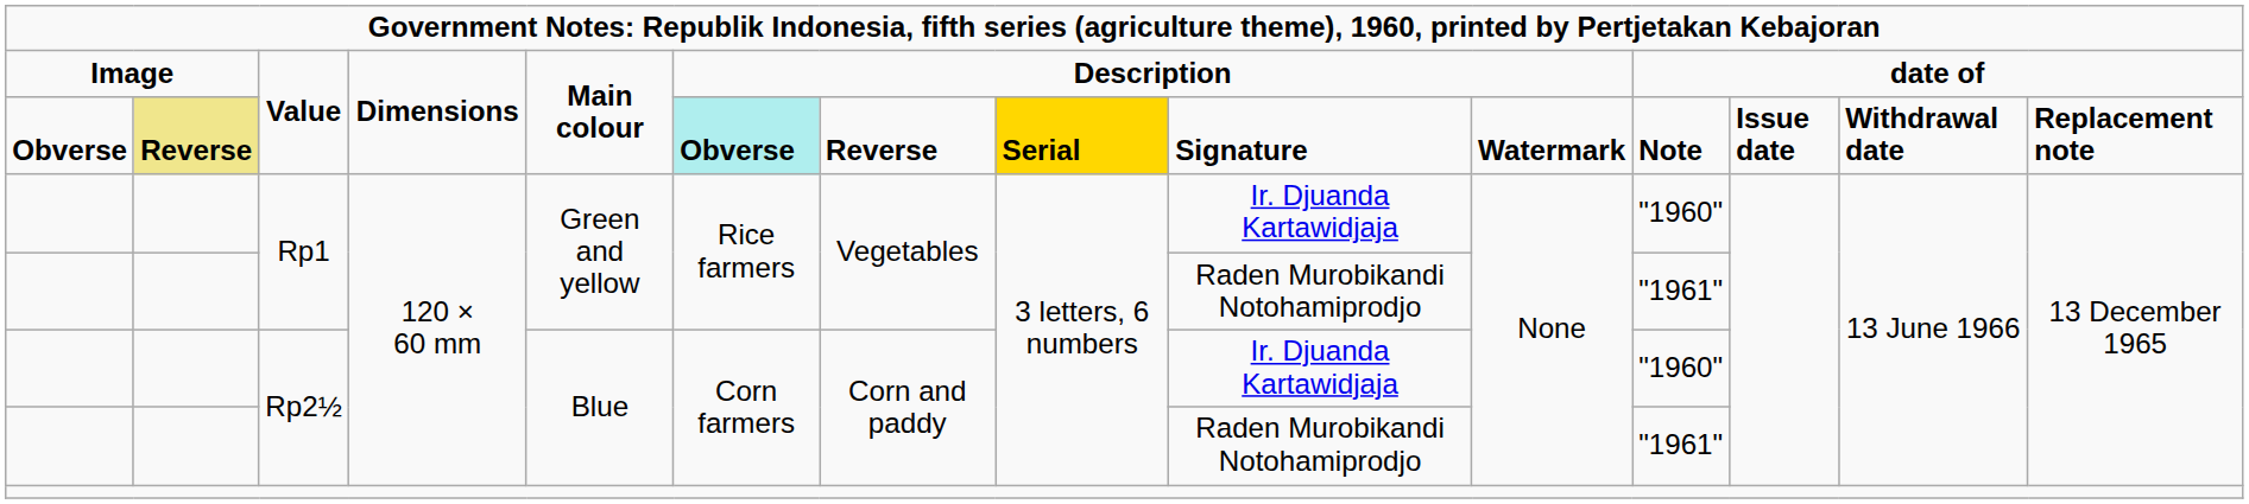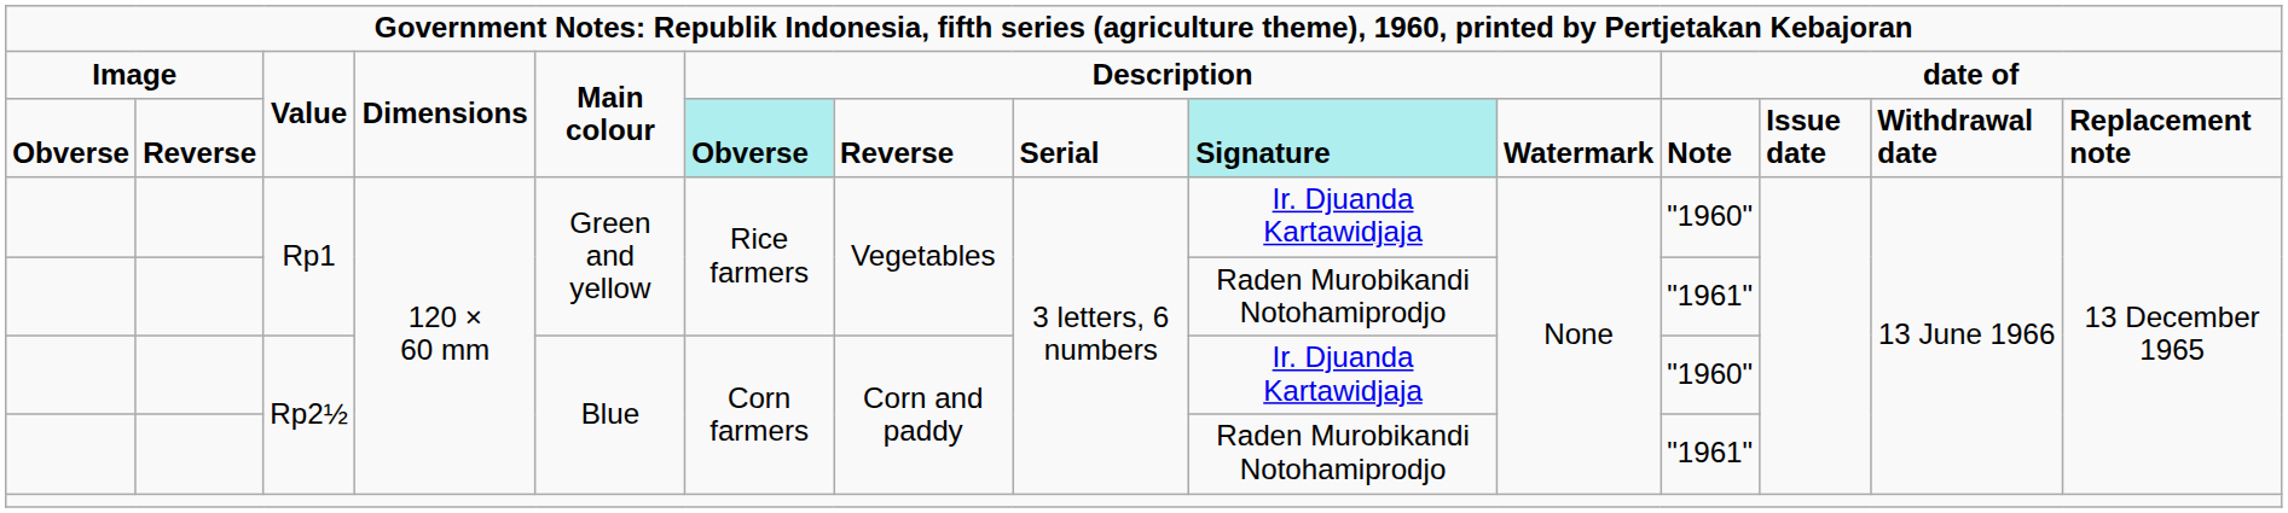 <table class="wikitable" >
 <tr style="text-align:center; font-weight:bold; vertical-align:bottom;">
 <td colspan="14">Government Notes: Republik Indonesia, fifth series (agriculture theme), 1960, printed by Pertjetakan Kebajoran</td>
 </tr>
 <tr>
 <td colspan="2" style="font-weight:bold; text-align:center; vertical-align:bottom;">Image</td>
 <td rowspan="2" style="font-weight:bold; text-align:center;">Value</td>
 <td rowspan="2" style="font-weight:bold; text-align:center;">Dimensions</td>
 <td rowspan="2" style="font-weight:bold; text-align:center;">Main colour</td>
 <td colspan="5" style="font-weight:bold; text-align:center; vertical-align:bottom;">Description</td>
 <td colspan="4" style="font-weight:bold; text-align:center; vertical-align:bottom;">date of</td>
 </tr>
 <tr style="vertical-align:bottom;">
 <td style="font-weight:bold; ">Obverse</td>
-<td style="background: khaki; font-weight:bold; ">Reverse</td>
+<td style="font-weight:bold; ">Reverse</td>
 <td style="background: paleturquoise; font-weight:bold; ">Obverse</td>
 <td style="font-weight:bold; ">Reverse</td>
-<td style="background: gold; font-weight:bold; ">Serial</td>
-<td style="font-weight:bold; ">Signature</td>
+<td style="font-weight:bold; ">Serial</td>
+<td style="background: paleturquoise; font-weight:bold; ">Signature</td>
 <td style="font-weight:bold; ">Watermark</td>
 <td style="font-weight:bold; ">Note</td>
 <td style="font-weight:bold; ">Issue date</td>
 <td style="font-weight:bold; ">Withdrawal date</td>
 <td style="font-weight:bold; ">Replacement note</td>
 </tr>
 <tr>
 <td style="font-weight:bold; vertical-align:bottom;"></td>
 <td style="font-weight:bold; vertical-align:bottom;"></td>
 <td rowspan="2" style="text-align:center;">Rp1</td>
 <td rowspan="4" style="text-align:center;">120 × 60 mm</td>
 <td rowspan="2" style="text-align:center;">Green and yellow</td>
 <td rowspan="2" style="text-align:center;">Rice farmers</td>
 <td rowspan="2" style="text-align:center;">Vegetables</td>
 <td rowspan="4" style="text-align:center;">3 letters, 6 numbers</td>
 <td style="text-align:center;"><a href='#'>Ir. Djuanda Kartawidjaja</a></td>
 <td rowspan="4" style="text-align:center;">None</td>
 <td style="text-align:center;">"1960"</td>
 <td rowspan="4" style="text-align:center;"></td>
 <td rowspan="4" style="text-align:center;">13 June 1966</td>
 <td rowspan="4" style="text-align:center;">13 December 1965</td>
 </tr>
 <tr>
 <td style="font-weight:bold; vertical-align:bottom;"></td>
 <td style="font-weight:bold; vertical-align:bottom;"></td>
 <td style="text-align:center;">Raden Murobikandi Notohamiprodjo</td>
 <td>"1961"</td>
 </tr>
 <tr>
 <td style="font-weight:bold; vertical-align:bottom;"></td>
 <td style="font-weight:bold; vertical-align:bottom;"></td>
 <td rowspan="2" style="text-align:center;">Rp2½</td>
 <td rowspan="2" style="text-align:center;">Blue</td>
 <td rowspan="2" style="text-align:center;">Corn farmers</td>
 <td rowspan="2" style="text-align:center;">Corn and paddy</td>
 <td style="text-align:center;"><a href='#'>Ir. Djuanda Kartawidjaja</a></td>
 <td style="text-align:center;">"1960"</td>
 </tr>
 <tr>
 <td style="font-weight:bold; vertical-align:bottom;"></td>
 <td style="font-weight:bold; vertical-align:bottom;"></td>
 <td style="text-align:center;">Raden Murobikandi Notohamiprodjo</td>
 <td style="text-align:center;">"1961"</td>
 </tr>
 <tr>
 <td colspan="14" style="text-align:center; vertical-align:bottom;"></td>
 </tr>
 </table>
